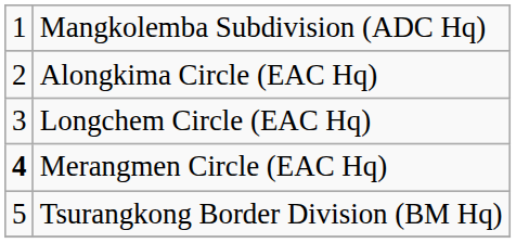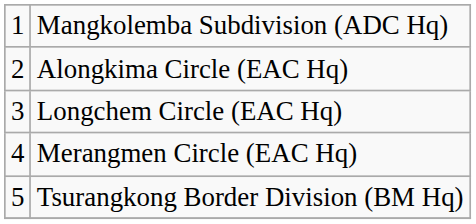 <table class="wikitable">
 <tr>
 <td>1</td>
 <td>Mangkolemba Subdivision (ADC Hq)</td>
 </tr>
 <tr>
 <td>2</td>
 <td>Alongkima Circle (EAC Hq)</td>
 </tr>
 <tr>
 <td>3</td>
 <td>Longchem Circle (EAC Hq)</td>
 </tr>
 <tr>
-<td><strong>4</strong></td>
+<td>4</td>
 <td>Merangmen Circle (EAC Hq)</td>
 </tr>
 <tr>
 <td>5</td>
 <td>Tsurangkong Border Division (BM Hq)</td>
 </tr>
 <tr>
 </tr>
 </table>
